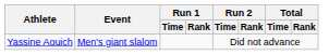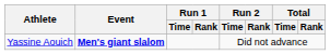 <table class=wikitable style=font-size:90%;text-align:center>
 <tr>
 <th rowspan=2>Athlete</th>
 <th rowspan=2>Event</th>
 <th colspan=2>Run 1</th>
 <th colspan=2>Run 2</th>
 <th colspan=2>Total</th>
 </tr>
 <tr style="font-size:95%">
 <th>Time</th>
 <th>Rank</th>
 <th>Time</th>
 <th>Rank</th>
 <th>Time</th>
 <th>Rank</th>
 </tr>
 <tr>
 <td align=left><a href='#'>Yassine Aouich</a></td>
-<td align=left><a href='#'>Men's giant slalom</a></td>
+<td align=left><strong><a href='#'>Men's giant slalom</a></strong></td>
 <td colspan=2></td>
 <td colspan=4>Did not advance</td>
 </tr>
 </table>
